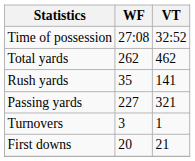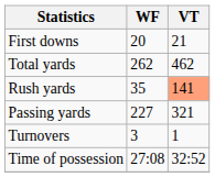 <table class="wikitable" style="float: left;">
 <tr>
 <th>Statistics</th>
 <th>WF</th>
 <th>VT</th>
 </tr>
 <tr>
-<td>Time of possession</td>
-<td>27:08</td>
-<td>32:52</td>
+<td>First downs</td>
+<td>20</td>
+<td>21</td>
 </tr>
 <tr>
 <td>Total yards</td>
 <td>262</td>
 <td>462</td>
 </tr>
 <tr>
 <td>Rush yards</td>
 <td>35</td>
-<td>141</td>
+<td style="background: lightsalmon;">141</td>
 </tr>
 <tr>
 <td>Passing yards</td>
 <td>227</td>
 <td>321</td>
 </tr>
 <tr>
 <td>Turnovers</td>
 <td>3</td>
 <td>1</td>
 </tr>
 <tr>
-<td>First downs</td>
-<td>20</td>
-<td>21</td>
+<td>Time of possession</td>
+<td>27:08</td>
+<td>32:52</td>
 </tr>
 <tr>
 </tr>
 </table>
